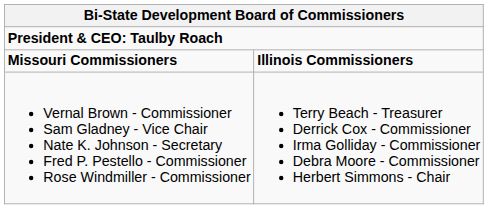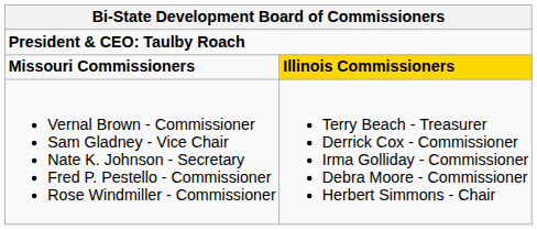 <table class="wikitable">
 <tr>
 <th colspan="2">Bi-State Development Board of Commissioners</th>
 </tr>
 <tr>
 <td colspan="2"><strong>President & CEO:  Taulby Roach</strong></td>
 </tr>
 <tr>
 <td><strong>Missouri Commissioners</strong></td>
-<td><strong>Illinois Commissioners</strong></td>
+<td style="background: gold;"><strong>Illinois Commissioners</strong></td>
 </tr>
 <tr>
 <td><br><ul><li>Vernal Brown - Commissioner</li><li>Sam Gladney - Vice Chair</li><li>Nate K. Johnson - Secretary</li><li>Fred P. Pestello - Commissioner</li><li>Rose Windmiller - Commissioner</li></ul></td>
 <td><br><ul><li>Terry Beach - Treasurer</li><li>Derrick Cox - Commissioner</li><li>Irma Golliday - Commissioner</li><li>Debra Moore - Commissioner</li><li>Herbert Simmons - Chair</li></ul></td>
 </tr>
 </table>
